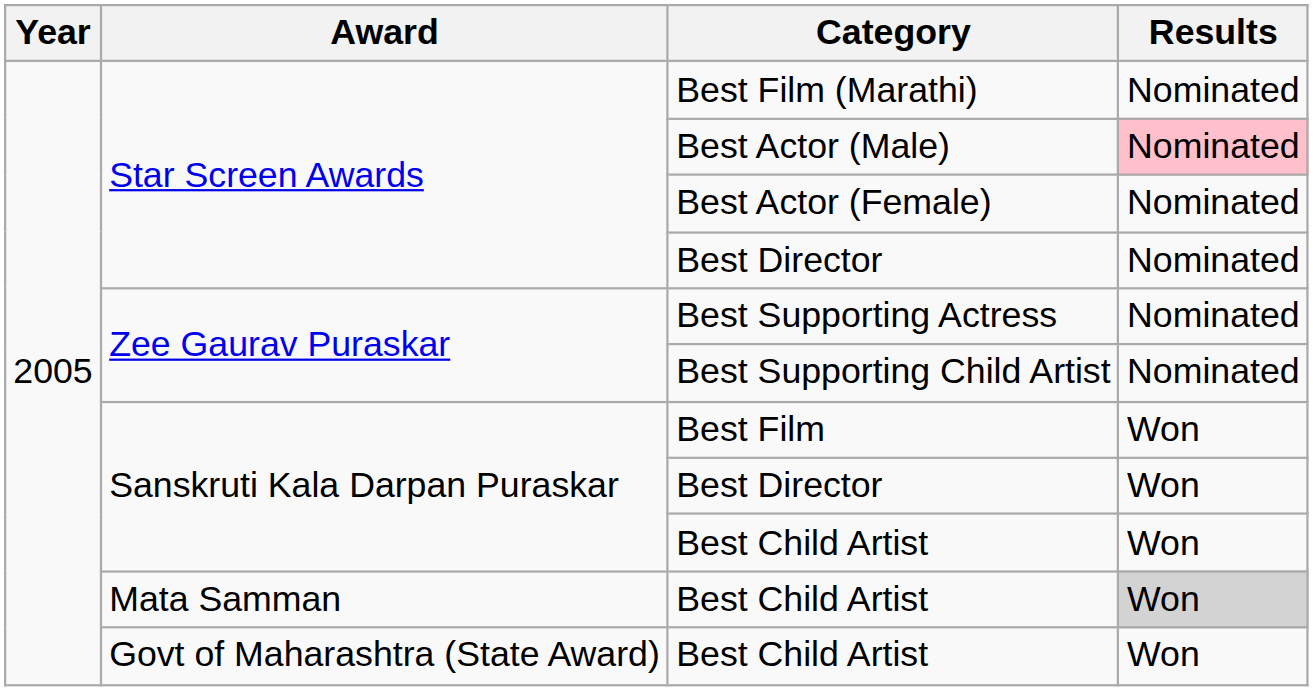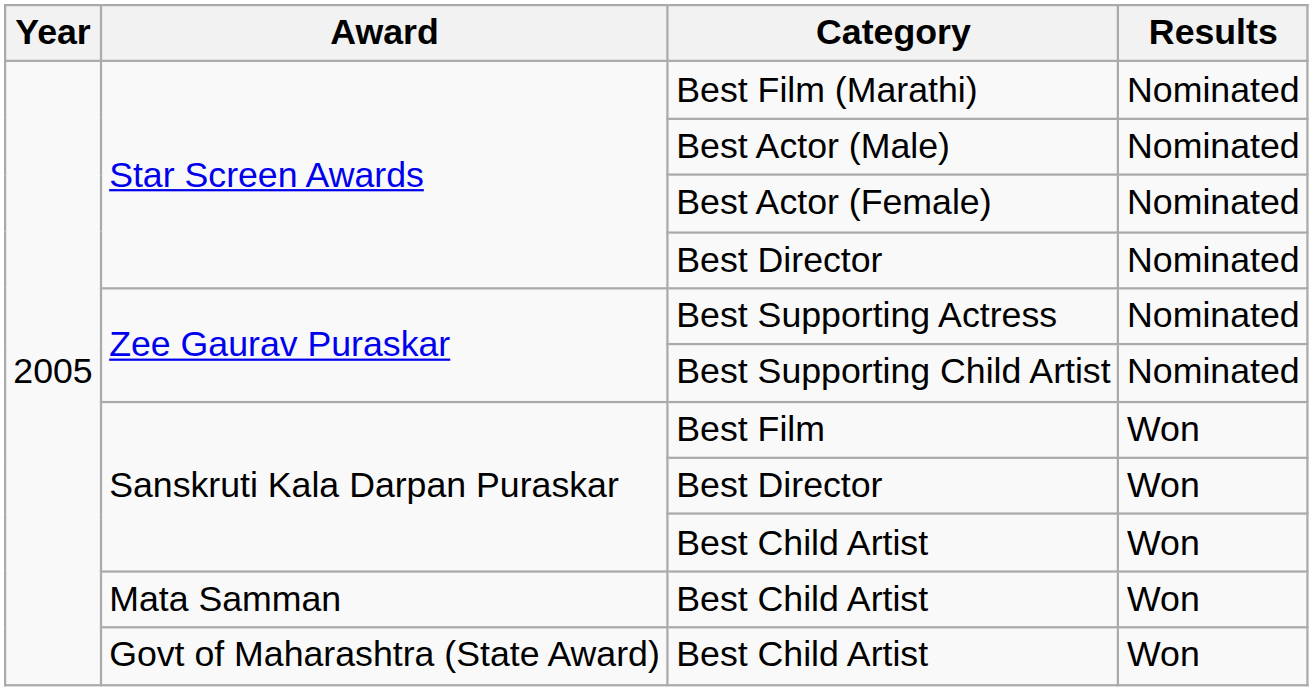 <table class="wikitable">
 <tr>
 <th>Year</th>
 <th>Award</th>
 <th>Category</th>
 <th>Results</th>
 </tr>
 <tr>
 <td rowspan="11">2005</td>
 <td rowspan="4"><a href='#'>Star Screen Awards</a></td>
 <td>Best Film (Marathi)</td>
 <td>Nominated</td>
 </tr>
 <tr>
 <td>Best Actor (Male)</td>
-<td style="background: pink;">Nominated</td>
+<td>Nominated</td>
 </tr>
 <tr>
 <td>Best Actor (Female)</td>
 <td>Nominated</td>
 </tr>
 <tr>
 <td>Best Director</td>
 <td>Nominated</td>
 </tr>
 <tr>
 <td rowspan="2"><a href='#'>Zee Gaurav Puraskar</a></td>
 <td>Best Supporting Actress</td>
 <td>Nominated</td>
 </tr>
 <tr>
 <td>Best Supporting Child Artist</td>
 <td>Nominated</td>
 </tr>
 <tr>
 <td rowspan="3">Sanskruti Kala Darpan Puraskar</td>
 <td>Best Film</td>
 <td>Won</td>
 </tr>
 <tr>
 <td>Best Director</td>
 <td>Won</td>
 </tr>
 <tr>
 <td>Best Child Artist</td>
 <td>Won</td>
 </tr>
 <tr>
 <td>Mata Samman</td>
 <td>Best Child Artist</td>
-<td style="background: lightgrey;">Won</td>
+<td>Won</td>
 </tr>
 <tr>
 <td>Govt of Maharashtra (State Award)</td>
 <td>Best Child Artist</td>
 <td>Won</td>
 </tr>
 </table>
